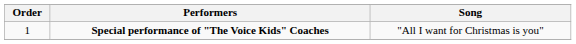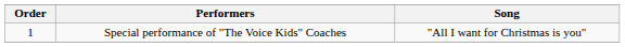 <table class="wikitable" style="text-align:center; width:65%;">
 <tr>
 </tr>
 <tr>
 <th>Order</th>
 <th>Performers</th>
 <th>Song</th>
 </tr>
 <tr>
 <td>1</td>
-<td><strong>Special performance of "The Voice Kids" Coaches</strong></td>
+<td>Special performance of "The Voice Kids" Coaches</td>
 <td>"All I want for Christmas is you"</td>
 </tr>
 <tr>
 </tr>
 </table>
